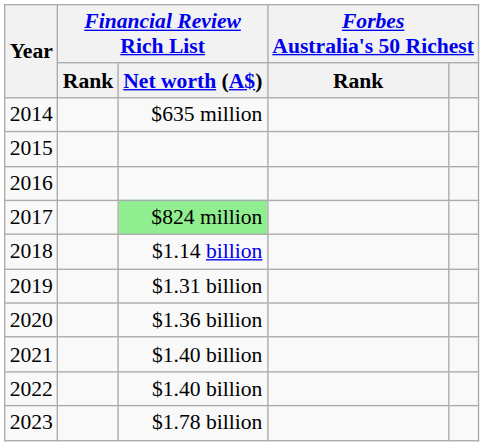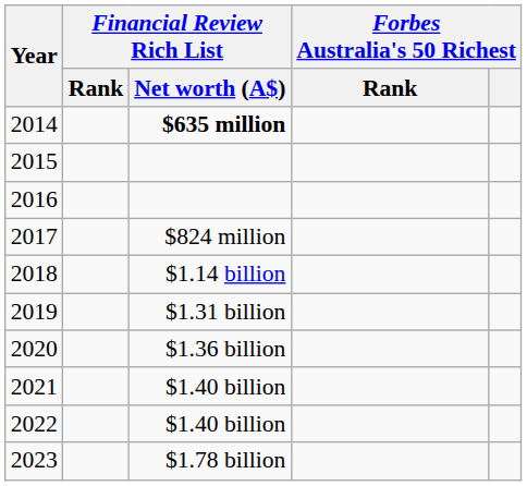 <table class="wikitable">
 <tr>
 <th rowspan=2>Year</th>
 <th colspan=2><em><a href='#'>Financial Review</a></em><br><a href='#'>Rich List</a></th>
 <th colspan=2><em><a href='#'>Forbes</a></em><br><a href='#'>Australia's 50 Richest</a></th>
 </tr>
 <tr>
 <th>Rank</th>
 <th><a href='#'>Net worth</a> (<a href='#'>A$</a>)</th>
 <th>Rank</th>
 <th></th>
 </tr>
 <tr>
 <td>2014</td>
 <td align="center"></td>
-<td align="right">$635 million</td>
+<td align="right"><strong>$635 million</strong></td>
 <td align="center"></td>
 <td align="right"></td>
 </tr>
 <tr>
 <td>2015</td>
 <td align="center"></td>
 <td align="right"></td>
 <td align="center"></td>
 <td align="right"></td>
 </tr>
 <tr>
 <td>2016</td>
 <td align="center"></td>
 <td align="right"></td>
 <td align="center"></td>
 <td align="right"></td>
 </tr>
 <tr>
 <td>2017</td>
 <td align="center"></td>
-<td align="right" style="background: lightgreen;">$824 million</td>
+<td align="right">$824 million</td>
 <td align="center"></td>
 <td align="right"></td>
 </tr>
 <tr>
 <td>2018</td>
 <td align="center"></td>
 <td align="right">$1.14 <a href='#'>billion</a> </td>
 <td align="center"></td>
 <td align="right"></td>
 </tr>
 <tr>
 <td>2019</td>
 <td align="center"></td>
 <td align="right">$1.31 billion </td>
 <td align="center"></td>
 <td align="right"></td>
 </tr>
 <tr>
 <td>2020</td>
 <td align="center"></td>
 <td align="right">$1.36 billion </td>
 <td align="center"></td>
 <td align="right"></td>
 </tr>
 <tr>
 <td>2021</td>
 <td align="center"></td>
 <td align="right">$1.40 billion </td>
 <td align="center"></td>
 <td align="right"></td>
 </tr>
 <tr>
 <td>2022</td>
 <td align="center"></td>
 <td align="right">$1.40 billion </td>
 <td align="center"></td>
 <td align="right"></td>
 </tr>
 <tr>
 <td>2023</td>
 <td align="center"></td>
 <td align="right">$1.78 billion </td>
 <td align="center"></td>
 <td align="right"></td>
 </tr>
 </table>
